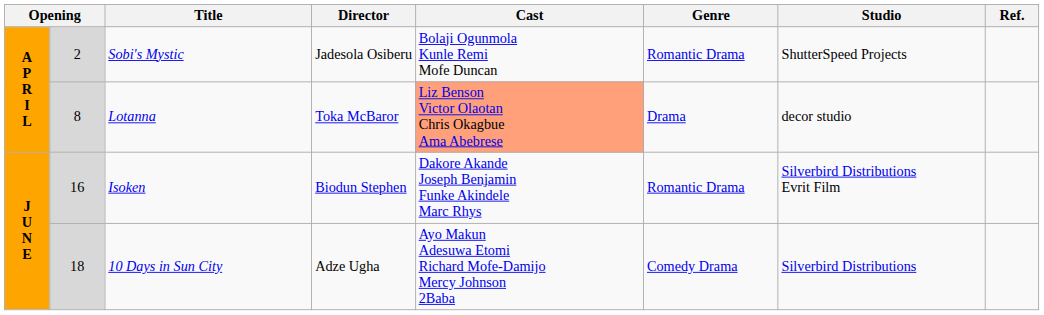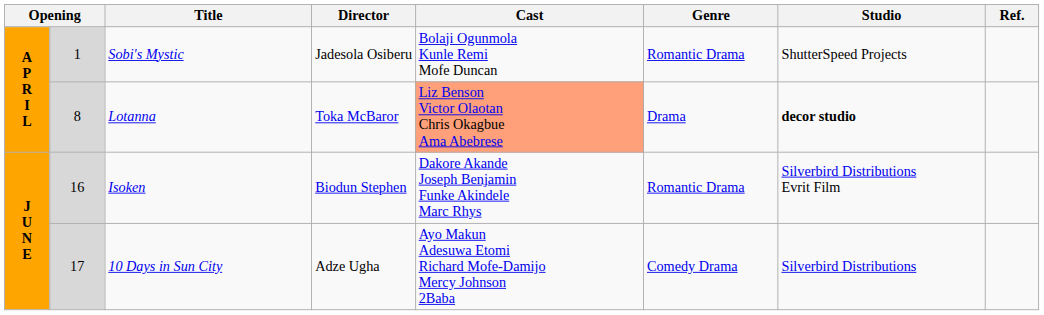 <table class="wikitable">
 <tr>
 <th colspan="2">Opening</th>
 <th style="width:20%;">Title</th>
 <th style="width:10%;">Director</th>
 <th>Cast</th>
 <th style="width:13%">Genre</th>
 <th style="width:20%">Studio</th>
 <th>Ref.</th>
 </tr>
 <tr>
 <td rowspan=2 style="text-align:center; background:orange; textcolor:#000;"><strong>A<br>P<br>R<br>I<br>L<br></strong></td>
-<td rowspan=1 style="text-align:center; background:#d8d8d8; textcolor:#000;">2</td>
+<td rowspan=1 style="text-align:center; background:#d8d8d8; textcolor:#000;">1</td>
 <td><em><a href='#'>Sobi's Mystic</a></em></td>
 <td>Jadesola Osiberu</td>
 <td><a href='#'>Bolaji Ogunmola</a><br><a href='#'>Kunle Remi</a><br>Mofe Duncan</td>
 <td><a href='#'>Romantic Drama</a></td>
 <td>ShutterSpeed Projects</td>
 <td></td>
 </tr>
 <tr>
 <td rowspan=1 style="text-align:center; background:#d8d8d8; textcolor:#000;">8</td>
 <td><em><a href='#'>Lotanna</a></em></td>
 <td><a href='#'>Toka McBaror</a></td>
 <td style="background: lightsalmon;"><a href='#'>Liz Benson</a><br><a href='#'>Victor Olaotan</a><br>Chris Okagbue<br><a href='#'>Ama Abebrese</a></td>
 <td><a href='#'>Drama</a></td>
-<td>decor studio</td>
+<td><strong>decor studio</strong></td>
 <td></td>
 </tr>
 <tr>
 <td rowspan=2 style="text-align:center; background:orange; textcolor:#000;"><strong>J<br>U<br>N<br>E<br></strong></td>
 <td rowspan=1 style="text-align:center; background:#d8d8d8; textcolor:#000;">16</td>
 <td><em><a href='#'>Isoken</a></em></td>
 <td><a href='#'>Biodun Stephen</a></td>
 <td><a href='#'>Dakore Akande</a><br> <a href='#'>Joseph Benjamin</a><br><a href='#'>Funke Akindele</a><br><a href='#'>Marc Rhys</a></td>
 <td><a href='#'>Romantic Drama</a></td>
 <td><a href='#'>Silverbird Distributions</a><br>Evrit Film<br>  <br></td>
 <td></td>
 </tr>
 <tr>
-<td rowspan=1 style="text-align:center; background:#d8d8d8; textcolor:#000;">18</td>
+<td rowspan=1 style="text-align:center; background:#d8d8d8; textcolor:#000;">17</td>
 <td><em><a href='#'>10 Days in Sun City</a></em></td>
 <td>Adze Ugha</td>
 <td><a href='#'>Ayo Makun</a><br><a href='#'>Adesuwa Etomi</a><br><a href='#'>Richard Mofe-Damijo</a><br><a href='#'>Mercy Johnson</a><br><a href='#'>2Baba</a></td>
 <td><a href='#'>Comedy Drama</a></td>
 <td><a href='#'>Silverbird Distributions</a></td>
 <td></td>
 </tr>
 </table>
